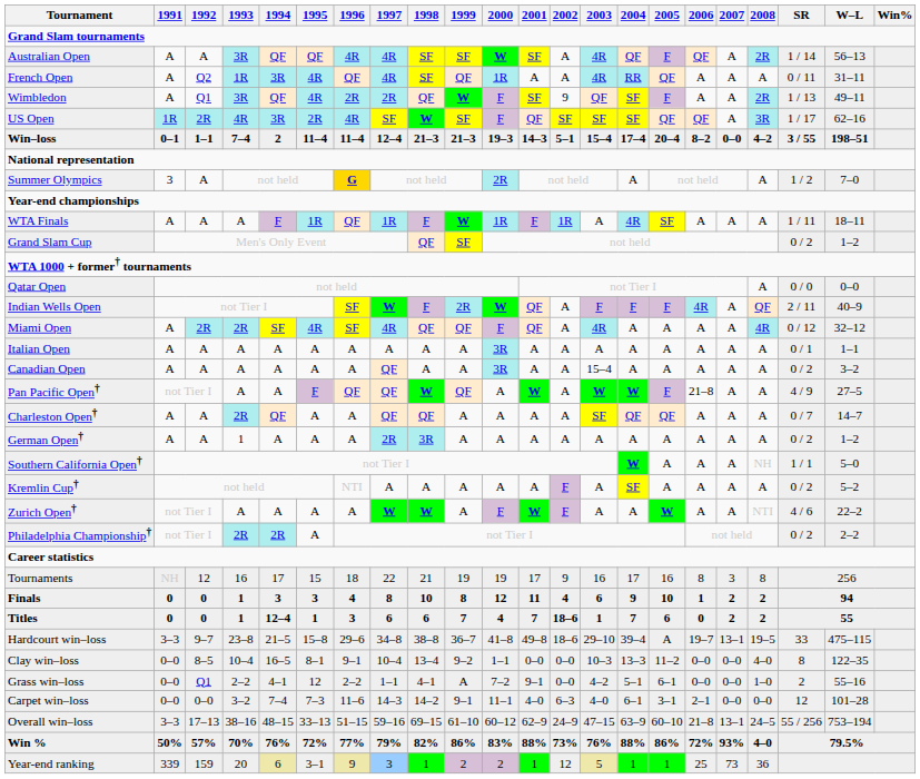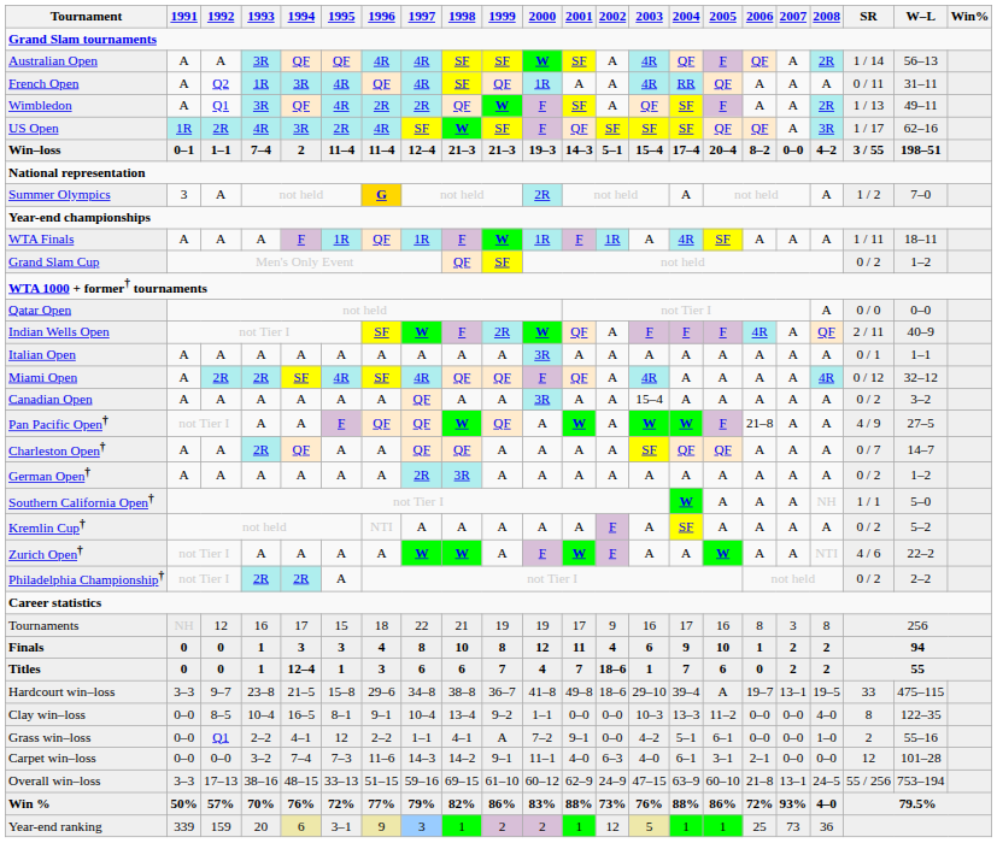 <table class=wikitable style=font-size:90%;text-align:center>
 <tr>
 <th>Tournament</th>
 <th><a href='#'>1991</a></th>
 <th><a href='#'>1992</a></th>
 <th><a href='#'>1993</a></th>
 <th><a href='#'>1994</a></th>
 <th><a href='#'>1995</a></th>
 <th><a href='#'>1996</a></th>
 <th><a href='#'>1997</a></th>
 <th><a href='#'>1998</a></th>
 <th><a href='#'>1999</a></th>
 <th><a href='#'>2000</a></th>
 <th><a href='#'>2001</a></th>
 <th><a href='#'>2002</a></th>
 <th><a href='#'>2003</a></th>
 <th><a href='#'>2004</a></th>
 <th><a href='#'>2005</a></th>
 <th><a href='#'>2006</a></th>
 <th><a href='#'>2007</a></th>
 <th><a href='#'>2008</a></th>
 <th>SR</th>
 <th>W–L</th>
 <th>Win%</th>
 </tr>
 <tr>
 <td colspan="22" align="left"><strong><a href='#'>Grand Slam tournaments</a></strong></td>
 </tr>
 <tr>
 <td style=background:#efefef;text-align:left><a href='#'>Australian Open</a></td>
 <td>A</td>
 <td>A</td>
 <td style=background:#afeeee><a href='#'>3R</a></td>
 <td style=background:#ffebcd><a href='#'>QF</a></td>
 <td style=background:#ffebcd><a href='#'>QF</a></td>
 <td style=background:#afeeee><a href='#'>4R</a></td>
 <td style=background:#afeeee><a href='#'>4R</a></td>
 <td style=background:yellow><a href='#'>SF</a></td>
 <td style=background:yellow><a href='#'>SF</a></td>
 <td style=background:lime><a href='#'><strong>W</strong></a></td>
 <td style=background:yellow><a href='#'>SF</a></td>
 <td>A</td>
 <td style=background:#afeeee><a href='#'>4R</a></td>
 <td style=background:#ffebcd><a href='#'>QF</a></td>
 <td style=background:thistle><a href='#'>F</a></td>
 <td style=background:#ffebcd><a href='#'>QF</a></td>
 <td>A</td>
 <td style=background:#afeeee><a href='#'>2R</a></td>
 <td style=background:#efefef>1 / 14</td>
 <td style=background:#efefef>56–13</td>
 <td style=background:#efefef></td>
 </tr>
 <tr>
 <td style=background:#efefef;text-align:left><a href='#'>French Open</a></td>
 <td>A</td>
 <td><a href='#'>Q2</a></td>
 <td style=background:#afeeee><a href='#'>1R</a></td>
 <td style=background:#afeeee><a href='#'>3R</a></td>
 <td style=background:#afeeee><a href='#'>4R</a></td>
 <td style=background:#ffebcd><a href='#'>QF</a></td>
 <td style=background:#afeeee><a href='#'>4R</a></td>
 <td style=background:yellow><a href='#'>SF</a></td>
 <td style=background:#ffebcd><a href='#'>QF</a></td>
 <td style=background:#afeeee><a href='#'>1R</a></td>
 <td>A</td>
 <td>A</td>
 <td style=background:#afeeee><a href='#'>4R</a></td>
 <td style=background:#afeeee><a href='#'>RR</a></td>
 <td style=background:#ffebcd><a href='#'>QF</a></td>
 <td>A</td>
 <td>A</td>
 <td>A</td>
 <td style=background:#efefef>0 / 11</td>
 <td style=background:#efefef>31–11</td>
 <td style=background:#efefef></td>
 </tr>
 <tr>
 <td style=background:#efefef;text-align:left><a href='#'>Wimbledon</a></td>
 <td>A</td>
 <td><a href='#'>Q1</a></td>
 <td style=background:#afeeee><a href='#'>3R</a></td>
 <td style=background:#ffebcd><a href='#'>QF</a></td>
 <td style=background:#afeeee><a href='#'>4R</a></td>
 <td style=background:#afeeee><a href='#'>2R</a></td>
 <td style=background:#afeeee><a href='#'>2R</a></td>
 <td style=background:#ffebcd><a href='#'>QF</a></td>
 <td style=background:lime><a href='#'><strong>W</strong></a></td>
 <td style=background:thistle><a href='#'>F</a></td>
 <td style=background:yellow><a href='#'>SF</a></td>
-<td>9</td>
+<td>A</td>
 <td style=background:#ffebcd><a href='#'>QF</a></td>
 <td style=background:yellow><a href='#'>SF</a></td>
 <td style=background:thistle><a href='#'>F</a></td>
 <td>A</td>
 <td>A</td>
 <td style=background:#afeeee><a href='#'>2R</a></td>
 <td style=background:#efefef>1 / 13</td>
 <td style=background:#efefef>49–11</td>
 <td style=background:#efefef></td>
 </tr>
 <tr>
 <td style=background:#efefef;text-align:left><a href='#'>US Open</a></td>
 <td style=background:#afeeee><a href='#'>1R</a></td>
 <td style=background:#afeeee><a href='#'>2R</a></td>
 <td style=background:#afeeee><a href='#'>4R</a></td>
 <td style=background:#afeeee><a href='#'>3R</a></td>
 <td style=background:#afeeee><a href='#'>2R</a></td>
 <td style=background:#afeeee><a href='#'>4R</a></td>
 <td style=background:yellow><a href='#'>SF</a></td>
 <td style=background:lime><a href='#'><strong>W</strong></a></td>
 <td style=background:yellow><a href='#'>SF</a></td>
 <td style=background:thistle><a href='#'>F</a></td>
 <td style=background:#ffebcd><a href='#'>QF</a></td>
 <td style=background:yellow><a href='#'>SF</a></td>
 <td style=background:yellow><a href='#'>SF</a></td>
 <td style=background:yellow><a href='#'>SF</a></td>
 <td style=background:#ffebcd><a href='#'>QF</a></td>
 <td style=background:#ffebcd><a href='#'>QF</a></td>
 <td>A</td>
 <td style=background:#afeeee><a href='#'>3R</a></td>
 <td style=background:#efefef>1 / 17</td>
 <td style=background:#efefef>62–16</td>
 <td style=background:#efefef></td>
 </tr>
 <tr style=background:#efefef;font-weight:bold>
 <td align=left>Win–loss</td>
 <td>0–1</td>
 <td>1–1</td>
 <td>7–4</td>
 <td>2</td>
 <td>11–4</td>
 <td>11–4</td>
 <td>12–4</td>
 <td>21–3</td>
 <td>21–3</td>
 <td>19–3</td>
 <td>14–3</td>
 <td>5–1</td>
 <td>15–4</td>
 <td>17–4</td>
 <td>20–4</td>
 <td>8–2</td>
 <td>0–0</td>
 <td>4–2</td>
 <td>3 / 55</td>
 <td>198–51</td>
 <td></td>
 </tr>
 <tr>
 <td colspan="22" align="left"><strong>National representation</strong></td>
 </tr>
 <tr>
 <td style=background:#efefef;text-align:left><a href='#'>Summer Olympics</a></td>
 <td>3</td>
 <td>A</td>
 <td colspan=3 style=color:#cccccc>not held</td>
 <td style=background:gold><a href='#'><strong>G</strong></a></td>
 <td colspan=3 style=color:#cccccc>not held</td>
 <td style=background:#afeeee><a href='#'>2R</a></td>
 <td colspan=3 style=color:#cccccc>not held</td>
 <td>A</td>
 <td colspan=3 style=color:#cccccc>not held</td>
 <td>A</td>
 <td style=background:#efefef>1 / 2</td>
 <td style=background:#efefef>7–0</td>
 <td style=background:#efefef></td>
 </tr>
 <tr>
 <td colspan="22" align="left"><strong>Year-end championships</strong></td>
 </tr>
 <tr>
 <td style=background:#efefef;text-align:left><a href='#'>WTA Finals</a></td>
 <td>A</td>
 <td>A</td>
 <td>A</td>
 <td style=background:thistle><a href='#'>F</a></td>
 <td style=background:#afeeee><a href='#'>1R</a></td>
 <td style=background:#ffebcd><a href='#'>QF</a></td>
 <td style=background:#afeeee><a href='#'>1R</a></td>
 <td style=background:thistle><a href='#'>F</a></td>
 <td style=background:lime><a href='#'><strong>W</strong></a></td>
 <td style=background:#afeeee><a href='#'>1R</a></td>
 <td style=background:thistle><a href='#'>F</a></td>
 <td style=background:#afeeee><a href='#'>1R</a></td>
 <td>A</td>
 <td style=background:#afeeee><a href='#'>4R</a></td>
 <td style=background:yellow><a href='#'>SF</a></td>
 <td>A</td>
 <td>A</td>
 <td>A</td>
 <td style=background:#efefef>1 / 11</td>
 <td style=background:#efefef>18–11</td>
 <td style=background:#efefef></td>
 </tr>
 <tr>
 <td style=background:#efefef;text-align:left><a href='#'>Grand Slam Cup</a></td>
 <td colspan=7 style=color:#cccccc>Men's Only Event</td>
 <td style=background:#ffebcd><a href='#'>QF</a></td>
 <td style=background:yellow><a href='#'>SF</a></td>
 <td colspan=9 style=color:#cccccc>not held</td>
 <td style=background:#efefef>0 / 2</td>
 <td style=background:#efefef>1–2</td>
 <td style=background:#efefef></td>
 </tr>
 <tr>
 <td colspan="22" align="left"><strong><a href='#'>WTA 1000</a> + former<sup>†</sup> tournaments</strong></td>
 </tr>
 <tr>
 <td style=background:#efefef;text-align:left><a href='#'>Qatar Open</a></td>
 <td colspan=10 style=color:#cccccc>not held</td>
 <td colspan=7 style=color:#cccccc>not Tier I</td>
 <td>A</td>
 <td style=background:#efefef>0 / 0</td>
 <td style=background:#efefef>0–0</td>
 <td style=background:#efefef></td>
 </tr>
 <tr>
 <td style=background:#efefef;text-align:left><a href='#'>Indian Wells Open</a></td>
 <td colspan=5 style=color:#cccccc>not Tier I</td>
 <td style=background:yellow><a href='#'>SF</a></td>
 <td style=background:lime><a href='#'><strong>W</strong></a></td>
 <td style=background:thistle><a href='#'>F</a></td>
 <td style=background:#afeeee><a href='#'>2R</a></td>
 <td style=background:lime><a href='#'><strong>W</strong></a></td>
 <td style=background:#ffebcd><a href='#'>QF</a></td>
 <td>A</td>
 <td style=background:thistle><a href='#'>F</a></td>
 <td style=background:thistle><a href='#'>F</a></td>
 <td style=background:thistle><a href='#'>F</a></td>
 <td style=background:#afeeee><a href='#'>4R</a></td>
 <td>A</td>
 <td style=background:#ffebcd><a href='#'>QF</a></td>
 <td style=background:#efefef>2 / 11</td>
 <td style=background:#efefef>40–9</td>
 <td style=background:#efefef></td>
 </tr>
 <tr>
+<td style=background:#efefef;text-align:left><a href='#'>Italian Open</a></td>
+<td>A</td>
+<td>A</td>
+<td>A</td>
+<td>A</td>
+<td>A</td>
+<td>A</td>
+<td>A</td>
+<td>A</td>
+<td>A</td>
+<td style=background:#afeeee><a href='#'>3R</a></td>
+<td>A</td>
+<td>A</td>
+<td>A</td>
+<td>A</td>
+<td>A</td>
+<td>A</td>
+<td>A</td>
+<td>A</td>
+<td style=background:#efefef>0 / 1</td>
+<td style=background:#efefef>1–1</td>
+<td style=background:#efefef></td>
+</tr>
+<tr>
 <td style=background:#efefef;text-align:left><a href='#'>Miami Open</a></td>
 <td>A</td>
 <td style=background:#afeeee><a href='#'>2R</a></td>
 <td style=background:#afeeee><a href='#'>2R</a></td>
 <td style=background:yellow><a href='#'>SF</a></td>
 <td style=background:#afeeee><a href='#'>4R</a></td>
 <td style=background:yellow><a href='#'>SF</a></td>
 <td style=background:#afeeee><a href='#'>4R</a></td>
 <td style=background:#ffebcd><a href='#'>QF</a></td>
 <td style=background:#ffebcd><a href='#'>QF</a></td>
 <td style=background:thistle><a href='#'>F</a></td>
 <td style=background:#ffebcd><a href='#'>QF</a></td>
 <td>A</td>
 <td style=background:#afeeee><a href='#'>4R</a></td>
 <td>A</td>
 <td>A</td>
 <td>A</td>
 <td>A</td>
 <td style=background:#afeeee><a href='#'>4R</a></td>
 <td style=background:#efefef>0 / 12</td>
 <td style=background:#efefef>32–12</td>
-<td style=background:#efefef></td>
-</tr>
-<tr>
-<td style=background:#efefef;text-align:left><a href='#'>Italian Open</a></td>
-<td>A</td>
-<td>A</td>
-<td>A</td>
-<td>A</td>
-<td>A</td>
-<td>A</td>
-<td>A</td>
-<td>A</td>
-<td>A</td>
-<td style=background:#afeeee><a href='#'>3R</a></td>
-<td>A</td>
-<td>A</td>
-<td>A</td>
-<td>A</td>
-<td>A</td>
-<td>A</td>
-<td>A</td>
-<td>A</td>
-<td style=background:#efefef>0 / 1</td>
-<td style=background:#efefef>1–1</td>
 <td style=background:#efefef></td>
 </tr>
 <tr>
 <td style=background:#efefef;text-align:left><a href='#'>Canadian Open</a></td>
 <td>A</td>
 <td>A</td>
 <td>A</td>
 <td>A</td>
 <td>A</td>
 <td>A</td>
 <td style=background:#ffebcd><a href='#'>QF</a></td>
 <td>A</td>
 <td>A</td>
 <td style=background:#afeeee><a href='#'>3R</a></td>
 <td>A</td>
 <td>A</td>
 <td>15–4</td>
 <td>A</td>
 <td>A</td>
 <td>A</td>
 <td>A</td>
 <td>A</td>
 <td style=background:#efefef>0 / 2</td>
 <td style=background:#efefef>3–2</td>
 <td style=background:#efefef></td>
 </tr>
 <tr>
 <td style=background:#efefef;text-align:left><a href='#'>Pan Pacific Open</a><strong><sup>†</sup></strong></td>
 <td colspan=2 style=color:#cccccc>not Tier I</td>
 <td>A</td>
 <td>A</td>
 <td style=background:thistle><a href='#'>F</a></td>
 <td style=background:#ffebcd><a href='#'>QF</a></td>
 <td style=background:#ffebcd><a href='#'>QF</a></td>
 <td style=background:lime><a href='#'><strong>W</strong></a></td>
 <td style=background:#ffebcd><a href='#'>QF</a></td>
 <td>A</td>
 <td style=background:lime><a href='#'><strong>W</strong></a></td>
 <td>A</td>
 <td style=background:lime><a href='#'><strong>W</strong></a></td>
 <td style=background:lime><a href='#'><strong>W</strong></a></td>
 <td style=background:thistle><a href='#'>F</a></td>
 <td>21–8</td>
 <td>A</td>
 <td>A</td>
 <td style=background:#efefef>4 / 9</td>
 <td style=background:#efefef>27–5</td>
 <td style=background:#efefef></td>
 </tr>
 <tr>
 <td style="background:#efefef;text-align:left"><a href='#'>Charleston Open</a><strong><sup>†</sup></strong></td>
 <td>A</td>
 <td>A</td>
 <td style="background:#afeeee"><a href='#'>2R</a></td>
 <td style="background:#ffebcd"><a href='#'>QF</a></td>
 <td>A</td>
 <td>A</td>
 <td style="background:#ffebcd"><a href='#'>QF</a></td>
 <td style="background:#ffebcd"><a href='#'>QF</a></td>
 <td>A</td>
 <td>A</td>
 <td>A</td>
 <td>A</td>
 <td style="background:yellow"><a href='#'>SF</a></td>
 <td style="background:#ffebcd"><a href='#'>QF</a></td>
 <td style="background:#ffebcd"><a href='#'>QF</a></td>
 <td>A</td>
 <td>A</td>
 <td>A</td>
 <td style="background:#efefef">0 / 7</td>
 <td style="background:#efefef">14–7</td>
 <td style=background:#efefef></td>
 </tr>
 <tr>
 <td style="background:#efefef;text-align:left"><a href='#'>German Open</a><strong><sup>†</sup></strong></td>
 <td>A</td>
 <td>A</td>
-<td>1</td>
+<td>A</td>
 <td>A</td>
 <td>A</td>
 <td>A</td>
 <td style="background:#afeeee"><a href='#'>2R</a></td>
 <td style="background:#afeeee"><a href='#'>3R</a></td>
 <td>A</td>
 <td>A</td>
 <td>A</td>
 <td>A</td>
 <td>A</td>
 <td>A</td>
 <td>A</td>
 <td>A</td>
 <td>A</td>
 <td>A</td>
 <td style="background:#efefef">0 / 2</td>
 <td style="background:#efefef">1–2</td>
 <td style=background:#efefef></td>
 </tr>
 <tr>
 <td style="background:#efefef;text-align:left"><a href='#'>Southern California Open</a><strong><sup>†</sup></strong></td>
 <td colspan="13" style="color:#cccccc">not Tier I</td>
 <td style="background:lime"><a href='#'><strong>W</strong></a></td>
 <td>A</td>
 <td>A</td>
 <td>A</td>
 <td colspan="1" style="color:#cccccc">NH</td>
 <td style="background:#efefef">1 / 1</td>
 <td style="background:#efefef">5–0</td>
 <td style=background:#efefef></td>
 </tr>
 <tr>
 <td style="background:#efefef;text-align:left"><a href='#'>Kremlin Cup</a><strong><sup>†</sup></strong></td>
 <td colspan="5" style="color:#cccccc">not held</td>
 <td colspan="1" style="color:#cccccc">NTI</td>
 <td>A</td>
 <td>A</td>
 <td>A</td>
 <td>A</td>
 <td>A</td>
 <td style="background:thistle"><a href='#'>F</a></td>
 <td>A</td>
 <td style="background:yellow"><a href='#'>SF</a></td>
 <td>A</td>
 <td>A</td>
 <td>A</td>
 <td>A</td>
 <td style="background:#efefef">0 / 2</td>
 <td style="background:#efefef">5–2</td>
 <td style=background:#efefef></td>
 </tr>
 <tr>
 <td style="background:#efefef;text-align:left"><a href='#'>Zurich Open</a><strong><sup>†</sup></strong></td>
 <td colspan="2" style="color:#cccccc">not Tier I</td>
 <td>A</td>
 <td>A</td>
 <td>A</td>
 <td>A</td>
 <td style="background:lime"><a href='#'><strong>W</strong></a></td>
 <td style="background:lime"><a href='#'><strong>W</strong></a></td>
 <td>A</td>
 <td style="background:thistle"><a href='#'>F</a></td>
 <td style="background:lime"><a href='#'><strong>W</strong></a></td>
 <td style="background:thistle"><a href='#'>F</a></td>
 <td>A</td>
 <td>A</td>
 <td style="background:lime"><a href='#'><strong>W</strong></a></td>
 <td>A</td>
 <td>A</td>
 <td colspan="1" style="color:#cccccc">NTI</td>
 <td style="background:#efefef">4 / 6</td>
 <td style="background:#efefef">22–2</td>
 <td style=background:#efefef></td>
 </tr>
 <tr>
 <td style="background:#efefef;text-align:left"><a href='#'>Philadelphia Championship</a><strong><sup>†</sup></strong></td>
 <td colspan="2" style="color:#cccccc">not Tier I</td>
 <td style="background:#afeeee"><a href='#'>2R</a></td>
 <td style="background:#afeeee"><a href='#'>2R</a></td>
 <td>A</td>
 <td colspan="10" style="color:#cccccc">not Tier I</td>
 <td colspan="3" style="color:#cccccc">not held</td>
 <td style="background:#efefef">0 / 2</td>
 <td style="background:#efefef">2–2</td>
 <td style=background:#efefef></td>
 </tr>
 <tr>
 <td colspan="22" align="left"><strong>Career statistics</strong></td>
 </tr>
 <tr bgcolor=#efefef>
 <td align=left>Tournaments</td>
 <td colspan=1 style=color:#cccccc>NH</td>
 <td>12</td>
 <td>16</td>
 <td>17</td>
 <td>15</td>
 <td>18</td>
 <td>22</td>
 <td>21</td>
 <td>19</td>
 <td>19</td>
 <td>17</td>
 <td>9</td>
 <td>16</td>
 <td>17</td>
 <td>16</td>
 <td>8</td>
 <td>3</td>
 <td>8</td>
 <td colspan="3">256</td>
 </tr>
 <tr style=background:#efefef;font-weight:bold>
 <td align=left>Finals</td>
 <td>0</td>
 <td>0</td>
 <td>1</td>
 <td>3</td>
 <td>3</td>
 <td>4</td>
 <td>8</td>
 <td>10</td>
 <td>8</td>
 <td>12</td>
 <td>11</td>
 <td>4</td>
 <td>6</td>
 <td>9</td>
 <td>10</td>
 <td>1</td>
 <td>2</td>
 <td>2</td>
 <td colspan="3">94</td>
 </tr>
 <tr style=background:#efefef;font-weight:bold>
 <td align=left>Titles</td>
 <td>0</td>
 <td>0</td>
 <td>1</td>
 <td>12–4</td>
 <td>1</td>
 <td>3</td>
 <td>6</td>
 <td>6</td>
 <td>7</td>
 <td>4</td>
 <td>7</td>
 <td>18–6</td>
 <td>1</td>
 <td>7</td>
 <td>6</td>
 <td>0</td>
 <td>2</td>
 <td>2</td>
 <td colspan="3">55</td>
 </tr>
 <tr bgcolor=#efefef>
 <td align=left>Hardcourt win–loss</td>
 <td>3–3</td>
 <td>9–7</td>
 <td>23–8</td>
 <td>21–5</td>
 <td>15–8</td>
 <td>29–6</td>
 <td>34–8</td>
 <td>38–8</td>
 <td>36–7</td>
 <td>41–8</td>
 <td>49–8</td>
 <td>18–6</td>
 <td>29–10</td>
 <td>39–4</td>
 <td>A</td>
 <td>19–7</td>
 <td>13–1</td>
 <td>19–5</td>
 <td>33</td>
 <td>475–115</td>
 <td></td>
 </tr>
 <tr bgcolor=#efefef>
 <td align=left>Clay win–loss</td>
 <td>0–0</td>
 <td>8–5</td>
 <td>10–4</td>
 <td>16–5</td>
 <td>8–1</td>
 <td>9–1</td>
 <td>10–4</td>
 <td>13–4</td>
 <td>9–2</td>
 <td>1–1</td>
 <td>0–0</td>
 <td>0–0</td>
 <td>10–3</td>
 <td>13–3</td>
 <td>11–2</td>
 <td>0–0</td>
 <td>0–0</td>
 <td>4–0</td>
 <td>8</td>
 <td>122–35</td>
 <td></td>
 </tr>
 <tr bgcolor=#efefef>
 <td align=left>Grass win–loss</td>
 <td>0–0</td>
 <td><a href='#'>Q1</a></td>
 <td>2–2</td>
 <td>4–1</td>
 <td>12</td>
 <td>2–2</td>
 <td>1–1</td>
 <td>4–1</td>
 <td>A</td>
 <td>7–2</td>
 <td>9–1</td>
 <td>0–0</td>
 <td>4–2</td>
 <td>5–1</td>
 <td>6–1</td>
 <td>0–0</td>
 <td>0–0</td>
 <td>1–0</td>
 <td>2</td>
 <td>55–16</td>
 <td></td>
 </tr>
 <tr bgcolor=#efefef>
 <td align=left>Carpet win–loss</td>
 <td>0–0</td>
 <td>0–0</td>
 <td>3–2</td>
 <td>7–4</td>
 <td>7–3</td>
 <td>11–6</td>
 <td>14–3</td>
 <td>14–2</td>
 <td>9–1</td>
 <td>11–1</td>
 <td>4–0</td>
 <td>6–3</td>
 <td>4–0</td>
 <td>6–1</td>
 <td>3–1</td>
 <td>2–1</td>
 <td>0–0</td>
 <td>0–0</td>
 <td>12</td>
 <td>101–28</td>
 <td></td>
 </tr>
 <tr style=background:#efefef;font-weigh:bold>
 <td align=left>Overall win–loss</td>
 <td>3–3</td>
 <td>17–13</td>
 <td>38–16</td>
 <td>48–15</td>
 <td>33–13</td>
 <td>51–15</td>
 <td>59–16</td>
 <td>69–15</td>
 <td>61–10</td>
 <td>60–12</td>
 <td>62–9</td>
 <td>24–9</td>
 <td>47–15</td>
 <td>63–9</td>
 <td>60–10</td>
 <td>21–8</td>
 <td>13–1</td>
 <td>24–5</td>
 <td>55 / 256</td>
 <td>753–194</td>
 <td></td>
 </tr>
 <tr style=background:#efefef;font-weight:bold>
 <td align=left>Win %</td>
 <td>50%</td>
 <td>57%</td>
 <td>70%</td>
 <td>76%</td>
 <td>72%</td>
 <td>77%</td>
 <td>79%</td>
 <td>82%</td>
 <td>86%</td>
 <td>83%</td>
 <td>88%</td>
 <td>73%</td>
 <td>76%</td>
 <td>88%</td>
 <td>86%</td>
 <td>72%</td>
 <td>93%</td>
 <td>4–0</td>
 <td colspan="3" style="background:#efefef">79.5%</td>
 </tr>
 <tr bgcolor=#efefef>
 <td align=left>Year-end ranking</td>
 <td>339</td>
 <td>159</td>
 <td>20</td>
 <td style=background:#EEE8AA>6</td>
 <td>3–1</td>
 <td style=background:#EEE8AA>9</td>
 <td style=background:#99ccff>3</td>
 <td style=background:lime>1</td>
 <td style=background:thistle>2</td>
 <td style=background:thistle>2</td>
 <td style=background:lime>1</td>
 <td>12</td>
 <td style=background:#EEE8AA>5</td>
 <td style=background:lime>1</td>
 <td style=background:lime>1</td>
 <td>25</td>
 <td>73</td>
 <td>36</td>
 <td colspan="3"></td>
 </tr>
 </table>
